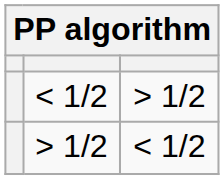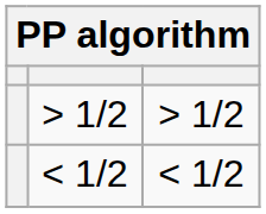 <table class="wikitable" style="float:right; clear:right; text-align:center; margin-left:1em;">
 <tr>
 <th colspan="3">PP algorithm</th>
 </tr>
 <tr>
 <th></th>
 <th></th>
 <th></th>
 </tr>
 <tr>
 <th></th>
-<td>< 1/2</td>
+<td>> 1/2</td>
 <td>> 1/2</td>
 </tr>
 <tr>
 <th></th>
-<td>> 1/2</td>
+<td>< 1/2</td>
 <td>< 1/2</td>
 </tr>
 </table>
